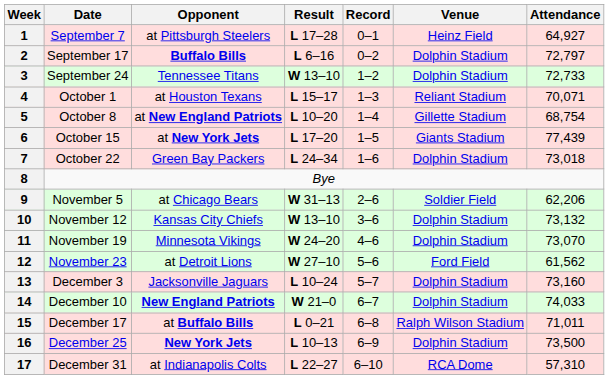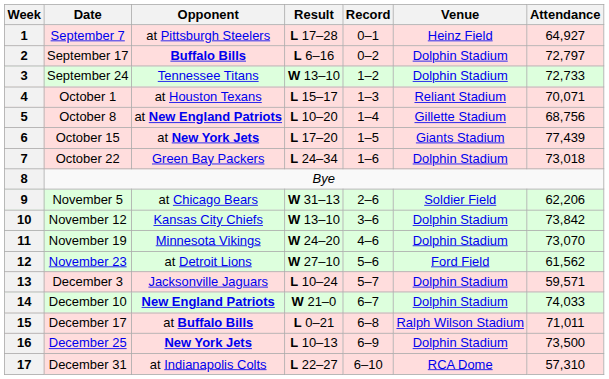 <table class="wikitable" style="text-align:center">
 <tr>
 <th>Week</th>
 <th>Date</th>
 <th>Opponent</th>
 <th>Result</th>
 <th>Record</th>
 <th>Venue</th>
 <th>Attendance</th>
 </tr>
 <tr style="background:#fdd;">
 <th>1</th>
 <td><a href='#'>September 7</a></td>
 <td>at <a href='#'>Pittsburgh Steelers</a></td>
 <td><strong>L</strong> 17–28</td>
 <td>0–1</td>
 <td><a href='#'>Heinz Field</a></td>
 <td>64,927</td>
 </tr>
 <tr style="background:#fdd;">
 <th>2</th>
 <td>September 17</td>
 <td><strong><a href='#'>Buffalo Bills</a></strong></td>
 <td><strong>L</strong> 6–16</td>
 <td>0–2</td>
 <td><a href='#'>Dolphin Stadium</a></td>
 <td>72,797</td>
 </tr>
 <tr style="background:#dfd;">
 <th>3</th>
 <td>September 24</td>
 <td><a href='#'>Tennessee Titans</a></td>
 <td><strong>W</strong> 13–10</td>
 <td>1–2</td>
 <td><a href='#'>Dolphin Stadium</a></td>
 <td>72,733</td>
 </tr>
 <tr style="background:#fdd;">
 <th>4</th>
 <td>October 1</td>
 <td>at <a href='#'>Houston Texans</a></td>
 <td><strong>L</strong> 15–17</td>
 <td>1–3</td>
 <td><a href='#'>Reliant Stadium</a></td>
 <td>70,071</td>
 </tr>
 <tr style="background:#fdd;">
 <th>5</th>
 <td>October 8</td>
 <td>at <strong><a href='#'>New England Patriots</a></strong></td>
 <td><strong>L</strong> 10–20</td>
 <td>1–4</td>
 <td><a href='#'>Gillette Stadium</a></td>
-<td>68,754</td>
+<td>68,756</td>
 </tr>
 <tr style="background:#fdd;">
 <th>6</th>
 <td>October 15</td>
 <td>at <strong><a href='#'>New York Jets</a></strong></td>
 <td><strong>L</strong> 17–20</td>
 <td>1–5</td>
 <td><a href='#'>Giants Stadium</a></td>
 <td>77,439</td>
 </tr>
 <tr style="background:#fdd;">
 <th>7</th>
 <td>October 22</td>
 <td><a href='#'>Green Bay Packers</a></td>
 <td><strong>L</strong> 24–34</td>
 <td>1–6</td>
 <td><a href='#'>Dolphin Stadium</a></td>
 <td>73,018</td>
 </tr>
 <tr>
 <th>8</th>
 <td colspan="6"><em>Bye</em></td>
 </tr>
 <tr style="background:#dfd;">
 <th>9</th>
 <td>November 5</td>
 <td>at <a href='#'>Chicago Bears</a></td>
 <td><strong>W</strong> 31–13</td>
 <td>2–6</td>
 <td><a href='#'>Soldier Field</a></td>
 <td>62,206</td>
 </tr>
 <tr style="background:#dfd;">
 <th>10</th>
 <td>November 12</td>
 <td><a href='#'>Kansas City Chiefs</a></td>
 <td><strong>W</strong> 13–10</td>
 <td>3–6</td>
 <td><a href='#'>Dolphin Stadium</a></td>
-<td>73,132</td>
+<td>73,842</td>
 </tr>
 <tr style="background:#dfd;">
 <th>11</th>
 <td>November 19</td>
 <td><a href='#'>Minnesota Vikings</a></td>
 <td><strong>W</strong> 24–20</td>
 <td>4–6</td>
 <td><a href='#'>Dolphin Stadium</a></td>
 <td>73,070</td>
 </tr>
 <tr style="background:#dfd;">
 <th>12</th>
 <td><a href='#'>November 23</a></td>
 <td>at <a href='#'>Detroit Lions</a></td>
 <td><strong>W</strong> 27–10</td>
 <td>5–6</td>
 <td><a href='#'>Ford Field</a></td>
 <td>61,562</td>
 </tr>
 <tr style="background:#fdd;">
 <th>13</th>
 <td>December 3</td>
 <td><a href='#'>Jacksonville Jaguars</a></td>
 <td><strong>L</strong> 10–24</td>
 <td>5–7</td>
 <td><a href='#'>Dolphin Stadium</a></td>
-<td>73,160</td>
+<td>59,571</td>
 </tr>
 <tr style="background:#dfd;">
 <th>14</th>
 <td>December 10</td>
 <td><strong><a href='#'>New England Patriots</a></strong></td>
 <td><strong>W</strong> 21–0</td>
 <td>6–7</td>
 <td><a href='#'>Dolphin Stadium</a></td>
 <td>74,033</td>
 </tr>
 <tr style="background:#fdd;">
 <th>15</th>
 <td>December 17</td>
 <td>at <strong><a href='#'>Buffalo Bills</a></strong></td>
 <td><strong>L</strong> 0–21</td>
 <td>6–8</td>
 <td><a href='#'>Ralph Wilson Stadium</a></td>
 <td>71,011</td>
 </tr>
 <tr style="background:#fdd;">
 <th>16</th>
 <td><a href='#'>December 25</a></td>
 <td><strong><a href='#'>New York Jets</a></strong></td>
 <td><strong>L</strong> 10–13</td>
 <td>6–9</td>
 <td><a href='#'>Dolphin Stadium</a></td>
 <td>73,500</td>
 </tr>
 <tr style="background:#fdd;">
 <th>17</th>
 <td>December 31</td>
 <td>at <a href='#'>Indianapolis Colts</a></td>
 <td><strong>L</strong> 22–27</td>
 <td>6–10</td>
 <td><a href='#'>RCA Dome</a></td>
 <td>57,310</td>
 </tr>
 </table>
